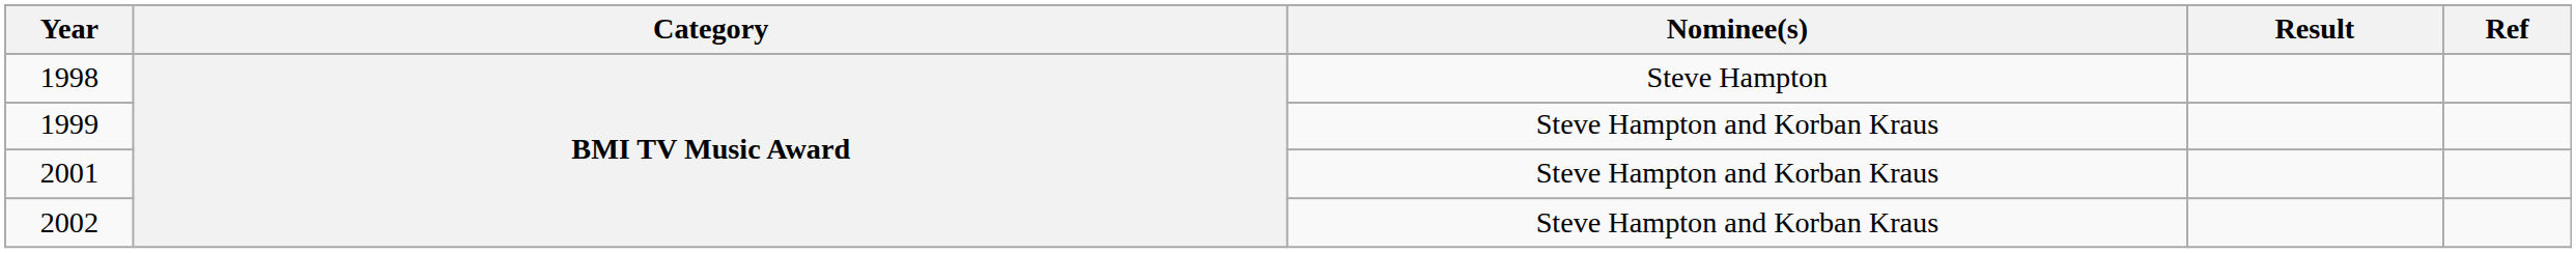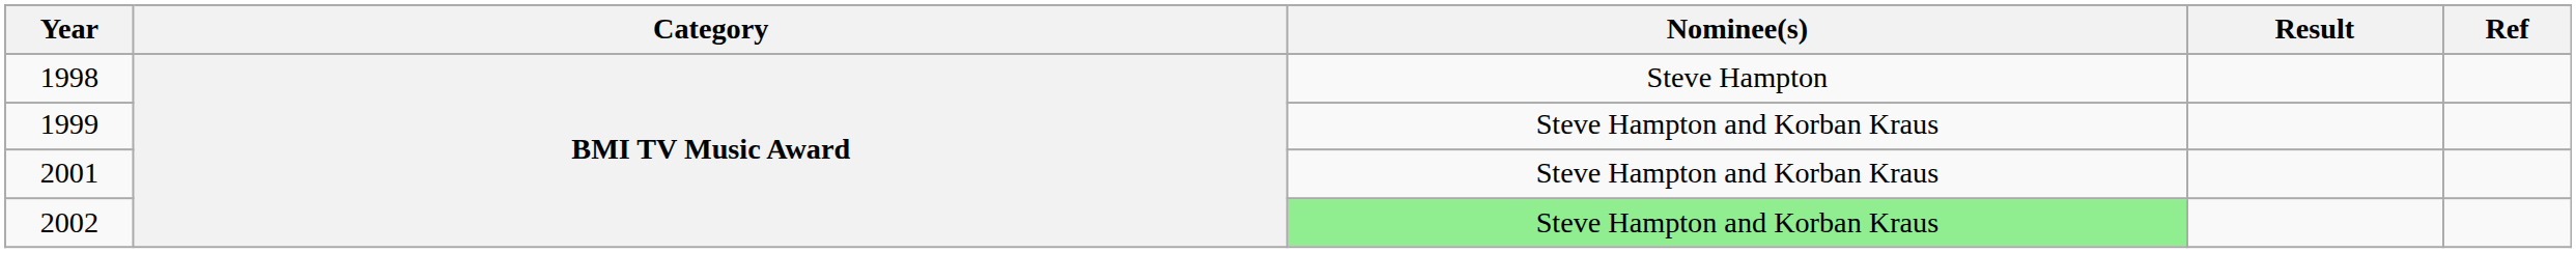 <table class="wikitable plainrowheaders" style="font-size: 90%; text-align:center" width=100%>
 <tr>
 <th scope="col" width="5%">Year</th>
 <th scope="col" width="45%">Category</th>
 <th scope="col" width="35%">Nominee(s)</th>
 <th scope="col" width="10%">Result</th>
 <th scope="col" width="5%">Ref</th>
 </tr>
 <tr>
 <td>1998</td>
 <th scope="row" style="text-align:center" rowspan=4>BMI TV Music Award</th>
 <td>Steve Hampton</td>
 <td></td>
 <td></td>
 </tr>
 <tr>
 <td>1999</td>
 <td>Steve Hampton and Korban Kraus</td>
 <td></td>
 <td></td>
 </tr>
 <tr>
 <td>2001</td>
 <td>Steve Hampton and Korban Kraus</td>
 <td></td>
 <td></td>
 </tr>
 <tr>
 <td>2002</td>
-<td>Steve Hampton and Korban Kraus</td>
+<td style="background: lightgreen;">Steve Hampton and Korban Kraus</td>
 <td></td>
 <td></td>
 </tr>
 </table>
